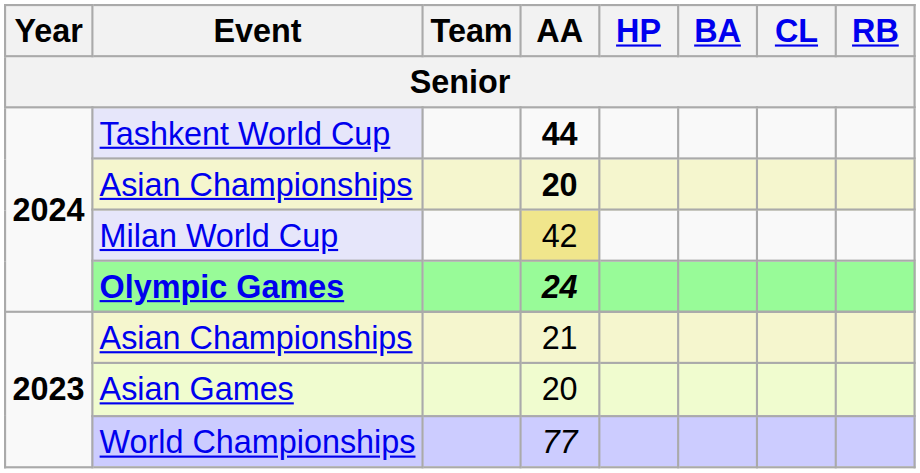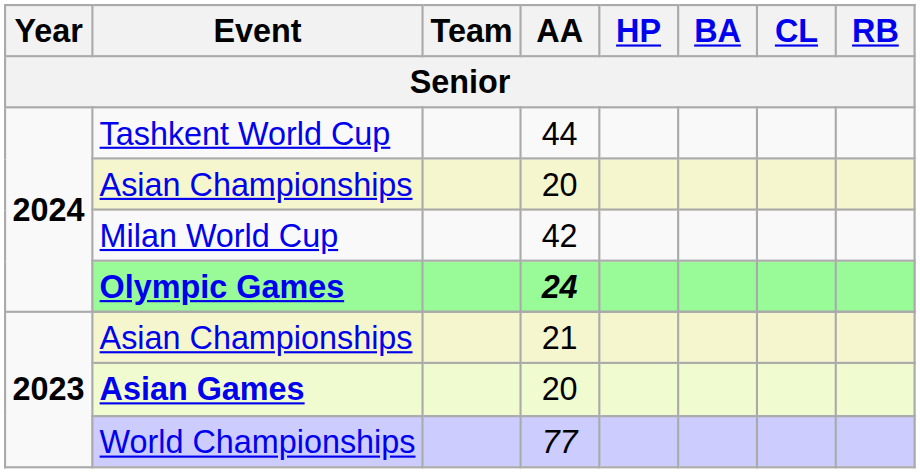 <table class="wikitable" style="text-align:center; font-size:95%;">
 <tr>
 <th align=center>Year</th>
 <th align=center>Event</th>
 <th style="width:30px;">Team</th>
 <th style="width:30px;">AA</th>
 <th style="width:30px;"><a href='#'>HP</a></th>
 <th style="width:30px;"><a href='#'>BA</a></th>
 <th style="width:30px;"><a href='#'>CL</a></th>
 <th style="width:30px;"><a href='#'>RB</a></th>
 </tr>
 <tr>
 <th colspan="8"><strong>Senior</strong></th>
 </tr>
 <tr>
 <td rowspan="4"><strong>2024</strong></td>
-<td align=left style="background: lavender;"><a href='#'>Tashkent World Cup</a></td>
+<td align=left><a href='#'>Tashkent World Cup</a></td>
 <td></td>
-<td><strong>44</strong></td>
+<td>44</td>
 <td></td>
 <td></td>
 <td></td>
 <td></td>
 </tr>
 <tr bgcolor=#F5F6CE>
 <td align=left><a href='#'>Asian Championships</a></td>
 <td></td>
-<td><strong>20</strong></td>
+<td>20</td>
 <td></td>
 <td></td>
 <td></td>
 <td></td>
 </tr>
 <tr>
-<td align=left style="background: lavender;"><a href='#'>Milan World Cup</a></td>
+<td align=left><a href='#'>Milan World Cup</a></td>
 <td></td>
-<td style="background: khaki;">42</td>
+<td>42</td>
 <td></td>
 <td></td>
 <td></td>
 <td></td>
 </tr>
 <tr bgcolor=98FB98>
 <td align=left><strong><a href='#'>Olympic Games</a></strong></td>
 <td></td>
 <td><strong><em>24</em></strong></td>
 <td></td>
 <td></td>
 <td></td>
 <td></td>
 </tr>
 <tr>
 <td rowspan="4"><strong>2023</strong></td>
 </tr>
 <tr bgcolor=#F5F6CE>
 <td align=left><a href='#'>Asian Championships</a></td>
 <td></td>
 <td>21</td>
 <td></td>
 <td></td>
 <td></td>
 <td></td>
 </tr>
 <tr bgcolor=#f0fccf>
-<td align=left><a href='#'>Asian Games</a></td>
+<td align=left><strong><a href='#'>Asian Games</a></strong></td>
 <td></td>
 <td>20</td>
 <td></td>
 <td></td>
 <td></td>
 <td></td>
 </tr>
 <tr bgcolor=#CCCCFF>
 <td align=left><a href='#'>World Championships</a></td>
 <td></td>
 <td><em>77</em></td>
 <td></td>
 <td></td>
 <td></td>
 <td></td>
 </tr>
 </table>
